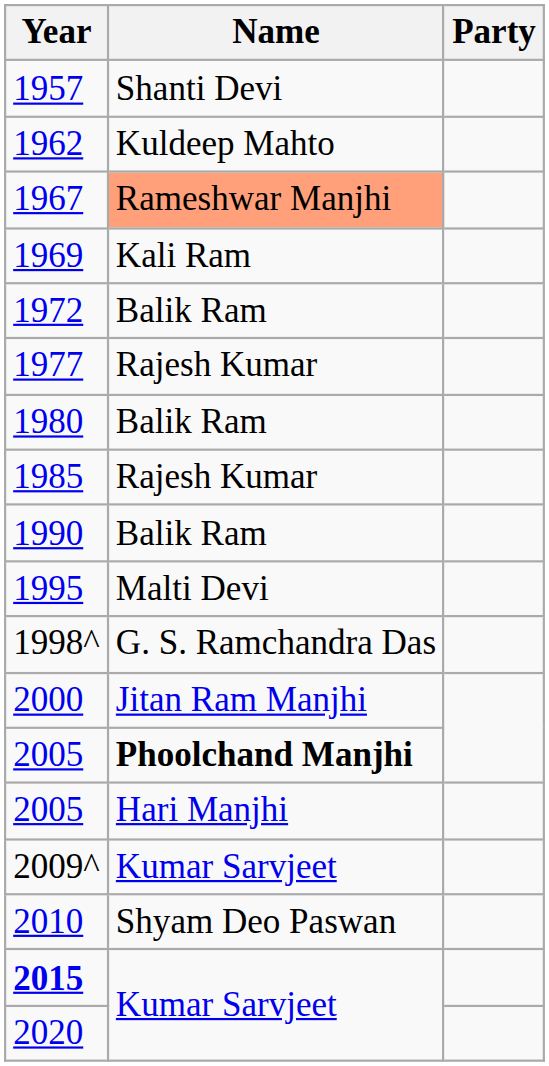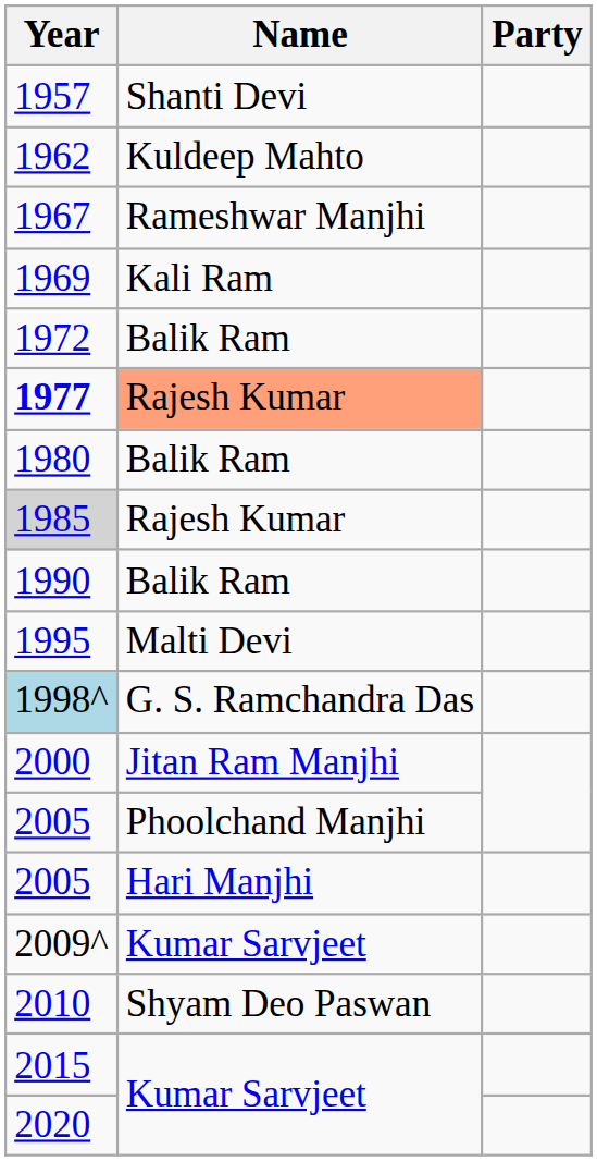 <table class="wikitable sortable">
 <tr>
 <th>Year</th>
 <th>Name</th>
 <th colspan="2">Party</th>
 </tr>
 <tr>
 <td><a href='#'>1957</a></td>
 <td>Shanti Devi</td>
 <td></td>
 </tr>
 <tr>
 <td><a href='#'>1962</a></td>
 <td>Kuldeep Mahto</td>
 <td></td>
 </tr>
 <tr>
 <td><a href='#'>1967</a></td>
-<td style="background: lightsalmon;">Rameshwar Manjhi</td>
+<td>Rameshwar Manjhi</td>
 <td></td>
 </tr>
 <tr>
 <td><a href='#'>1969</a></td>
 <td>Kali Ram</td>
 <td></td>
 </tr>
 <tr>
 <td><a href='#'>1972</a></td>
 <td>Balik Ram</td>
 <td></td>
 </tr>
 <tr>
-<td><a href='#'>1977</a></td>
-<td>Rajesh Kumar</td>
+<td><strong><a href='#'>1977</a></strong></td>
+<td style="background: lightsalmon;">Rajesh Kumar</td>
 <td></td>
 </tr>
 <tr>
 <td><a href='#'>1980</a></td>
 <td>Balik Ram</td>
 <td></td>
 </tr>
 <tr>
-<td><a href='#'>1985</a></td>
+<td style="background: lightgrey;"><a href='#'>1985</a></td>
 <td>Rajesh Kumar</td>
 <td></td>
 </tr>
 <tr>
 <td><a href='#'>1990</a></td>
 <td>Balik Ram</td>
 <td></td>
 </tr>
 <tr>
 <td><a href='#'>1995</a></td>
 <td>Malti Devi</td>
 <td></td>
 </tr>
 <tr>
-<td>1998^</td>
+<td style="background: lightblue;">1998^</td>
 <td>G. S. Ramchandra Das</td>
 <td></td>
 </tr>
 <tr>
 <td><a href='#'>2000</a></td>
 <td><a href='#'>Jitan Ram Manjhi</a></td>
 </tr>
 <tr>
 <td><a href='#'>2005</a></td>
-<td><strong>Phoolchand Manjhi</strong></td>
+<td>Phoolchand Manjhi</td>
 </tr>
 <tr>
 <td><a href='#'>2005</a></td>
 <td><a href='#'>Hari Manjhi</a></td>
 <td></td>
 </tr>
 <tr>
 <td>2009^</td>
 <td><a href='#'>Kumar Sarvjeet</a></td>
 <td></td>
 </tr>
 <tr>
 <td><a href='#'>2010</a></td>
 <td>Shyam Deo Paswan</td>
 <td></td>
 </tr>
 <tr>
-<td><strong><a href='#'>2015</a></strong></td>
+<td><a href='#'>2015</a></td>
 <td rowspan="2"><a href='#'>Kumar Sarvjeet</a></td>
 <td></td>
 </tr>
 <tr>
 <td><a href='#'>2020</a></td>
 </tr>
 </table>
